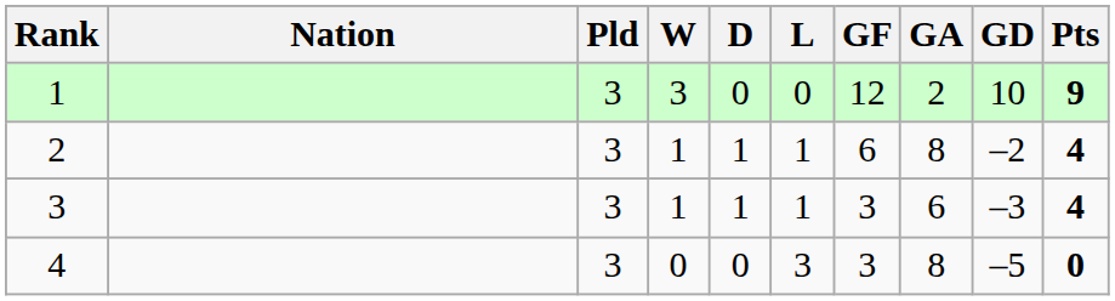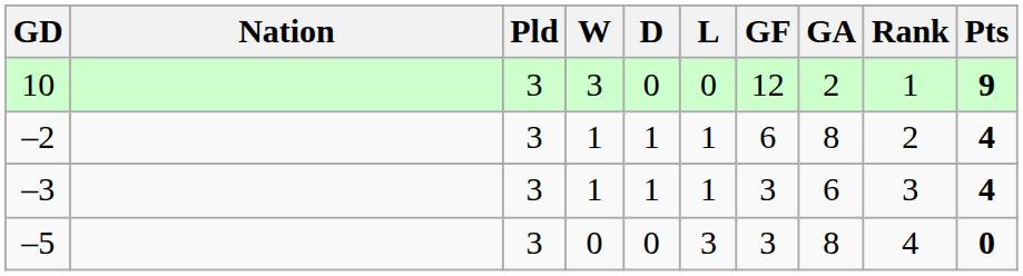 <table class="wikitable" style="text-align: center;">
 <tr>
-<th width=5>Rank</th>
+<th width=20>GD</th>
 <th width=200>Nation</th>
 <th width=20>Pld</th>
 <th width=20>W</th>
 <th width=20>D</th>
 <th width=20>L</th>
 <th width=20>GF</th>
 <th width=20>GA</th>
-<th width=20>GD</th>
+<th width=5>Rank</th>
 <th width=20>Pts</th>
 </tr>
 <tr style="background:#ccffcc">
-<td>1</td>
+<td>10</td>
 <td style="text-align:left"></td>
 <td>3</td>
 <td>3</td>
 <td>0</td>
 <td>0</td>
 <td>12</td>
 <td>2</td>
-<td>10</td>
+<td>1</td>
 <td><strong>9</strong></td>
 </tr>
 <tr>
-<td>2</td>
+<td>–2</td>
 <td style="text-align:left"></td>
 <td>3</td>
 <td>1</td>
 <td>1</td>
 <td>1</td>
 <td>6</td>
 <td>8</td>
-<td>–2</td>
+<td>2</td>
 <td><strong>4</strong></td>
 </tr>
 <tr>
-<td>3</td>
+<td>–3</td>
 <td style="text-align:left"></td>
 <td>3</td>
 <td>1</td>
 <td>1</td>
 <td>1</td>
 <td>3</td>
 <td>6</td>
-<td>–3</td>
+<td>3</td>
 <td><strong>4</strong></td>
 </tr>
 <tr>
-<td>4</td>
+<td>–5</td>
 <td style="text-align:left"></td>
 <td>3</td>
 <td>0</td>
 <td>0</td>
 <td>3</td>
 <td>3</td>
 <td>8</td>
-<td>–5</td>
+<td>4</td>
 <td><strong>0</strong></td>
 </tr>
 </table>
